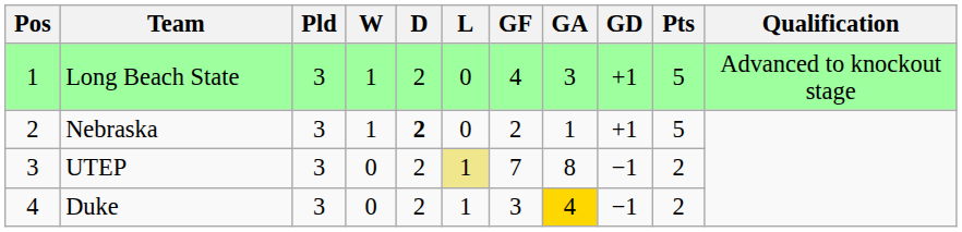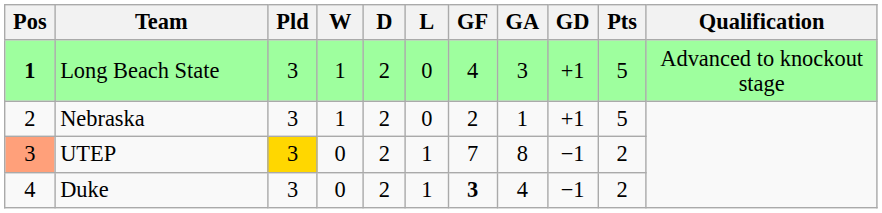 <table class="wikitable" style="text-align:center; margin: 1em auto">
 <tr>
 <th style="width:2em">Pos</th>
 <th style="width:13em">Team</th>
 <th style="width:2em">Pld</th>
 <th style="width:2em">W</th>
 <th style="width:2em">D</th>
 <th style="width:2em">L</th>
 <th style="width:2em">GF</th>
 <th style="width:2em">GA</th>
 <th style="width:2em">GD</th>
 <th style="width:2em">Pts</th>
 <th style="width:13em">Qualification</th>
 </tr>
 <tr bgcolor="#9eff9e">
-<td>1</td>
+<td><strong>1</strong></td>
 <td style="text-align:left">Long Beach State</td>
 <td>3</td>
 <td>1</td>
 <td>2</td>
 <td>0</td>
 <td>4</td>
 <td>3</td>
 <td>+1</td>
 <td>5</td>
 <td>Advanced to knockout stage</td>
 </tr>
 <tr>
 <td>2</td>
 <td style="text-align:left">Nebraska</td>
 <td>3</td>
 <td>1</td>
-<td><strong>2</strong></td>
+<td>2</td>
 <td>0</td>
 <td>2</td>
 <td>1</td>
 <td>+1</td>
 <td>5</td>
 <td rowspan="3"></td>
 </tr>
 <tr>
-<td>3</td>
+<td style="background: lightsalmon;">3</td>
 <td style="text-align:left">UTEP</td>
-<td>3</td>
+<td style="background: gold;">3</td>
 <td>0</td>
 <td>2</td>
-<td style="background: khaki;">1</td>
+<td>1</td>
 <td>7</td>
 <td>8</td>
 <td>−1</td>
 <td>2</td>
 </tr>
 <tr>
 <td>4</td>
 <td style="text-align:left">Duke</td>
 <td>3</td>
 <td>0</td>
 <td>2</td>
 <td>1</td>
-<td>3</td>
-<td style="background: gold;">4</td>
+<td><strong>3</strong></td>
+<td>4</td>
 <td>−1</td>
 <td>2</td>
 </tr>
 </table>
